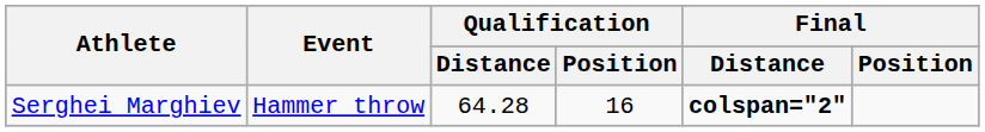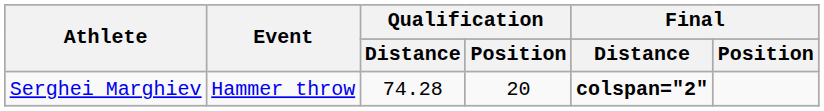 <table class="wikitable" style="font-size:90%">
 <tr>
 <th rowspan="2">Athlete</th>
 <th rowspan="2">Event</th>
 <th colspan="2">Qualification</th>
 <th colspan="2">Final</th>
 </tr>
 <tr>
 <th>Distance</th>
 <th>Position</th>
 <th>Distance</th>
 <th>Position</th>
 </tr>
 <tr style=text-align:center>
 <td style=text-align:left><a href='#'>Serghei Marghiev</a></td>
 <td style=text-align:left><a href='#'>Hammer throw</a></td>
-<td>64.28</td>
-<td>16</td>
+<td>74.28</td>
+<td>20</td>
 <td><strong>colspan="2" </strong></td>
 </tr>
 </table>
